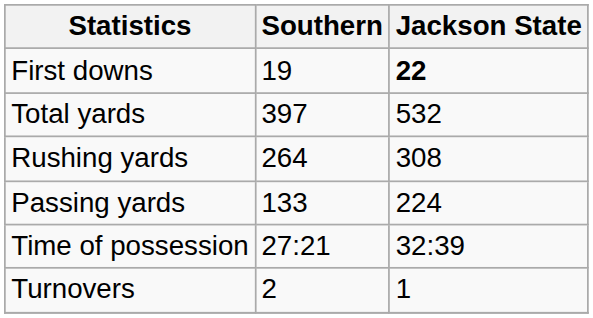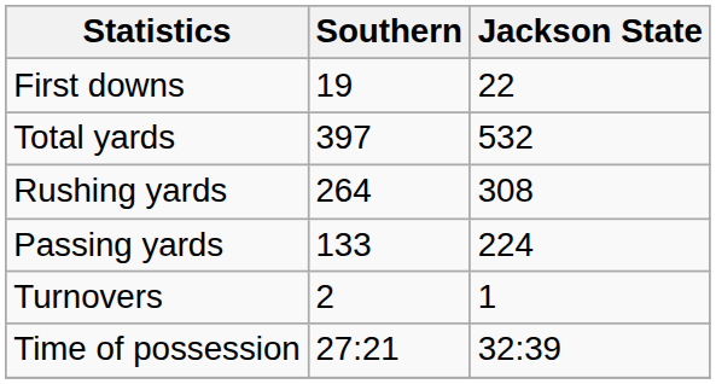 <table class="wikitable">
 <tr>
 <th>Statistics</th>
 <th>Southern</th>
 <th>Jackson State</th>
 </tr>
 <tr>
 <td>First downs</td>
 <td>19</td>
-<td><strong>22</strong></td>
+<td>22</td>
 </tr>
 <tr>
 <td>Total yards</td>
 <td>397</td>
 <td>532</td>
 </tr>
 <tr>
 <td>Rushing yards</td>
 <td>264</td>
 <td>308</td>
 </tr>
 <tr>
 <td>Passing yards</td>
 <td>133</td>
 <td>224</td>
 </tr>
 <tr>
+<td>Turnovers</td>
+<td>2</td>
+<td>1</td>
+</tr>
+<tr>
 <td>Time of possession</td>
 <td>27:21</td>
 <td>32:39</td>
 </tr>
 <tr>
-<td>Turnovers</td>
-<td>2</td>
-<td>1</td>
-</tr>
-<tr>
 </tr>
 </table>
